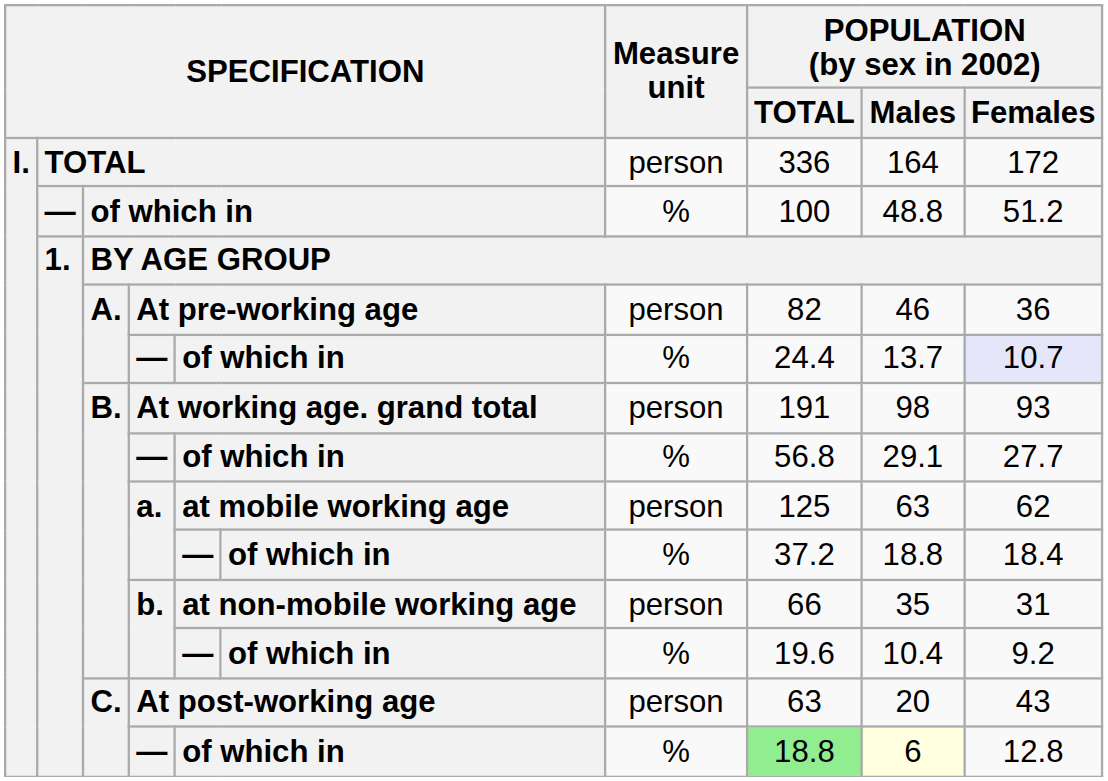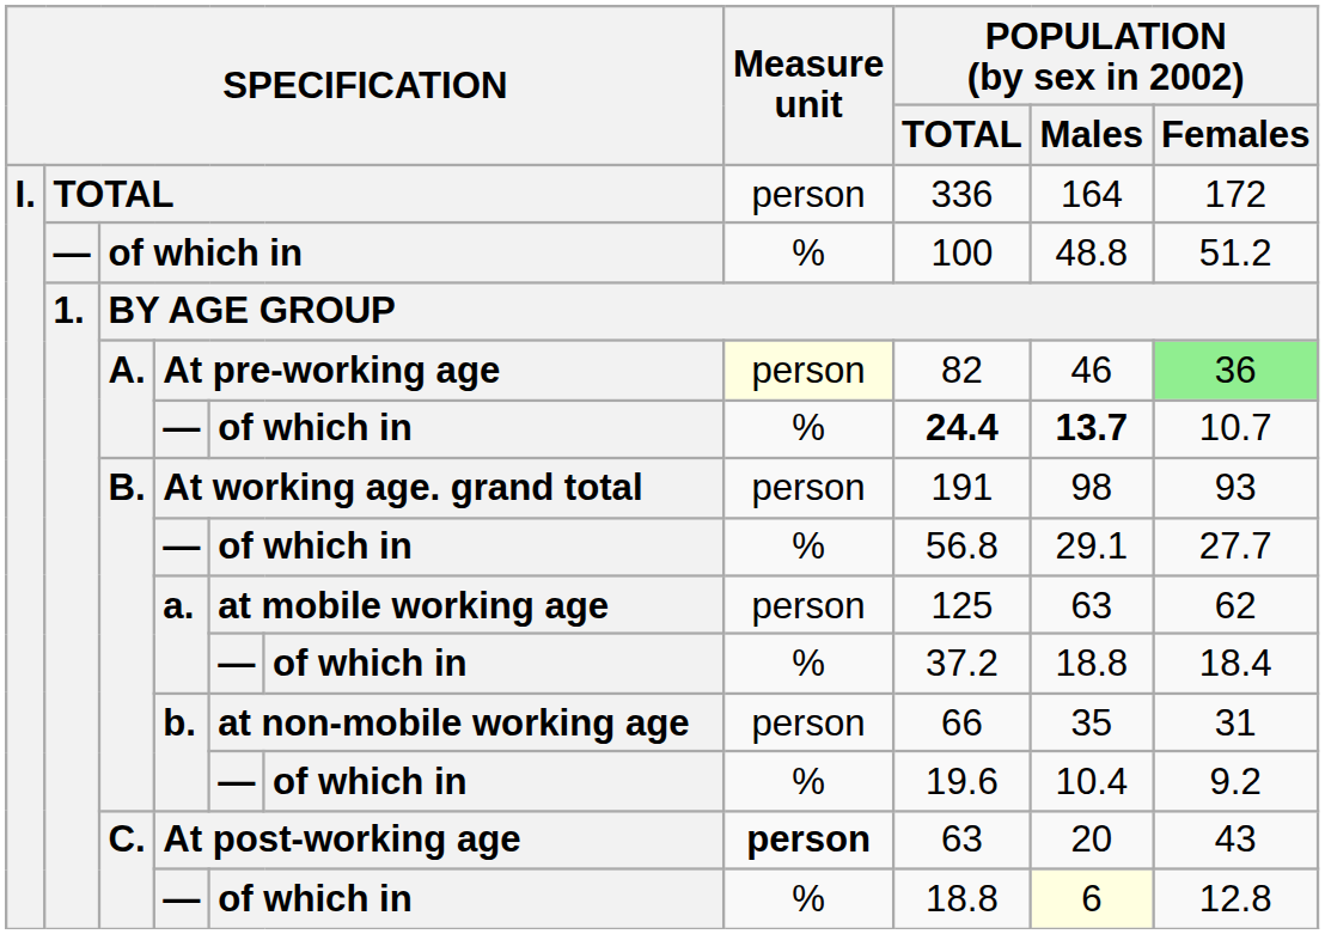 <table class="wikitable" style="font-size:85%; text-align:center">
 <tr>
 <th rowspan="2" colspan="6">SPECIFICATION</th>
 <th rowspan="2">Measure<br> unit</th>
 <th colspan="3" rowspan="1">POPULATION<br> (by sex in 2002)</th>
 </tr>
 <tr>
 <th>TOTAL</th>
 <th>Males</th>
 <th>Females</th>
 </tr>
 <tr>
 <th style="text-align:left" valign="top" rowspan="13">I.</th>
 <th style="text-align:left" colspan="5">TOTAL</th>
 <td>person</td>
 <td>336</td>
 <td>164</td>
 <td>172</td>
 </tr>
 <tr>
 <th style="text-align:left" valign="top">—</th>
 <th style="text-align:left" colspan="4">of which in</th>
 <td>%</td>
 <td>100</td>
 <td>48.8</td>
 <td>51.2</td>
 </tr>
 <tr>
 <th style="text-align:left" valign="top" rowspan="11">1.</th>
 <th style="text-align:left" colspan="19">BY AGE GROUP</th>
 </tr>
 <tr>
 <th style="text-align:left" valign="top" rowspan="2">A.</th>
 <th style="text-align:left" colspan="3">At pre-working age</th>
-<td>person</td>
+<td style="background: lightyellow;">person</td>
 <td>82</td>
 <td>46</td>
-<td>36</td>
+<td style="background: lightgreen;">36</td>
 </tr>
 <tr>
 <th style="text-align:left" valign="top">—</th>
 <th style="text-align:left" valign="top" colspan="2">of which in</th>
 <td>%</td>
-<td>24.4</td>
-<td>13.7</td>
-<td style="background: lavender;">10.7</td>
+<td><strong>24.4</strong></td>
+<td><strong>13.7</strong></td>
+<td>10.7</td>
 </tr>
 <tr>
 <th style="text-align:left" valign="top" rowspan="6">B.</th>
 <th style="text-align:left" colspan="3">At working age. grand total</th>
 <td>person</td>
 <td>191</td>
 <td>98</td>
 <td>93</td>
 </tr>
 <tr>
 <th style="text-align:left" valign="top">—</th>
 <th style="text-align:left" valign="top" colspan="2">of which in</th>
 <td>%</td>
 <td>56.8</td>
 <td>29.1</td>
 <td>27.7</td>
 </tr>
 <tr>
 <th style="text-align:left" valign="top" rowspan="2">a.</th>
 <th style="text-align:left" colspan="2">at mobile working age</th>
 <td>person</td>
 <td>125</td>
 <td>63</td>
 <td>62</td>
 </tr>
 <tr>
 <th style="text-align:left" valign="top">—</th>
 <th style="text-align:left" valign="top" colspan="1">of which in                        </th>
 <td>%</td>
 <td>37.2</td>
 <td>18.8</td>
 <td>18.4</td>
 </tr>
 <tr>
 <th style="text-align:left" valign="top" rowspan="2">b.</th>
 <th style="text-align:left" colspan="2">at non-mobile working age</th>
 <td>person</td>
 <td>66</td>
 <td>35</td>
 <td>31</td>
 </tr>
 <tr>
 <th style="text-align:left" valign="top">—</th>
 <th style="text-align:left" valign="top" colspan="1">of which in                        </th>
 <td>%</td>
 <td>19.6</td>
 <td>10.4</td>
 <td>9.2</td>
 </tr>
 <tr>
 <th style="text-align:left" valign="top" rowspan="2">C.</th>
 <th style="text-align:left" colspan="3">At post-working age</th>
-<td>person</td>
+<td><strong>person</strong></td>
 <td>63</td>
 <td>20</td>
 <td>43</td>
 </tr>
 <tr>
 <th style="text-align:left" valign="top">—</th>
 <th style="text-align:left" valign="top" colspan="2">of which in</th>
 <td>%</td>
-<td style="background: lightgreen;">18.8</td>
+<td>18.8</td>
 <td style="background: lightyellow;">6</td>
 <td>12.8</td>
 </tr>
 </table>
